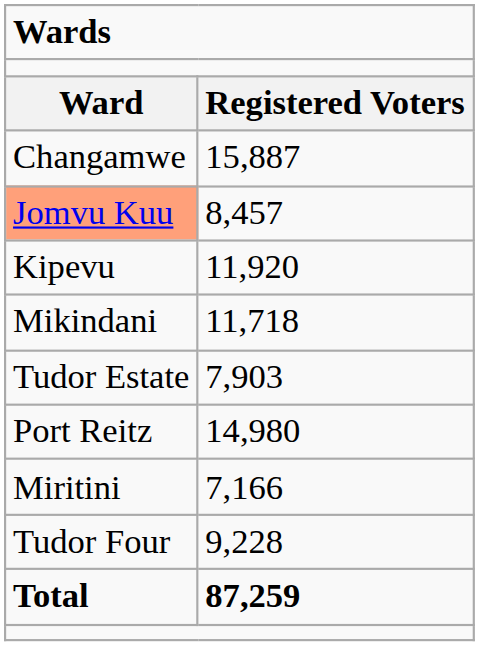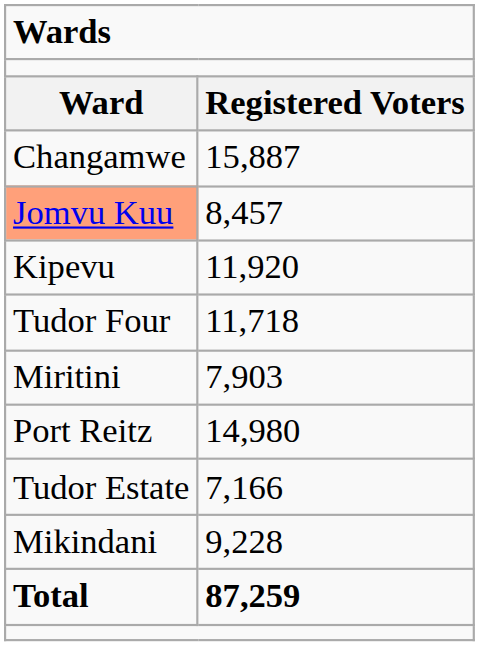 <table class="wikitable">
 <tr>
 <td colspan="2"><strong>Wards</strong></td>
 </tr>
 <tr>
 <td colspan="2"></td>
 </tr>
 <tr>
 <th>Ward</th>
 <th>Registered Voters</th>
 </tr>
 <tr>
 <td>Changamwe</td>
 <td>15,887</td>
 </tr>
 <tr>
 <td style="background: lightsalmon;"><a href='#'>Jomvu Kuu</a></td>
 <td>8,457</td>
 </tr>
 <tr>
 <td>Kipevu</td>
 <td>11,920</td>
 </tr>
 <tr>
-<td>Mikindani</td>
+<td>Tudor Four</td>
 <td>11,718</td>
 </tr>
 <tr>
-<td>Tudor Estate</td>
+<td>Miritini</td>
 <td>7,903</td>
 </tr>
 <tr>
 <td>Port Reitz</td>
 <td>14,980</td>
 </tr>
 <tr>
-<td>Miritini</td>
+<td>Tudor Estate</td>
 <td>7,166</td>
 </tr>
 <tr>
-<td>Tudor Four</td>
+<td>Mikindani</td>
 <td>9,228</td>
 </tr>
 <tr>
 <td><strong>Total</strong></td>
 <td><strong>87,259</strong></td>
 </tr>
 <tr>
 <td colspan="2"></td>
 </tr>
 </table>
